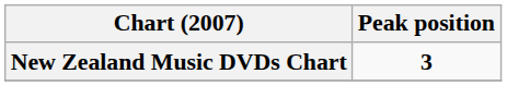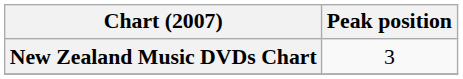 <table class="wikitable plainrowheaders sortable" style="text-align:center;" border="1">
 <tr>
 <th scope="col">Chart (2007)</th>
 <th scope="col">Peak position</th>
 </tr>
 <tr>
 <th scope="row">New Zealand Music DVDs Chart</th>
-<td><strong>3</strong></td>
+<td>3</td>
 </tr>
 <tr>
 </tr>
 </table>
